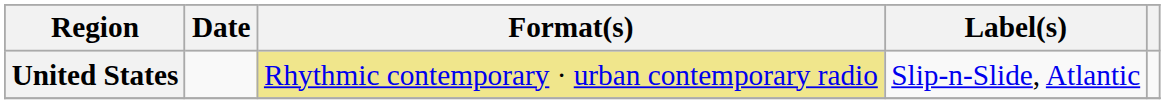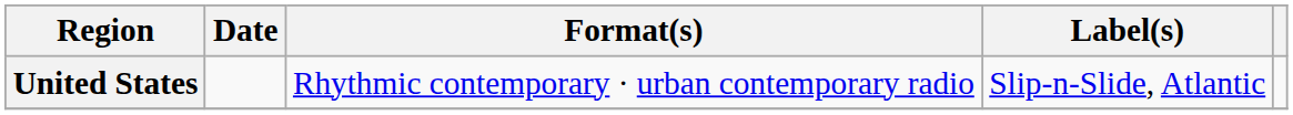 <table class="wikitable plainrowheaders" style="text-align:left">
 <tr>
 <th scope="col">Region</th>
 <th scope="col">Date</th>
 <th scope="col">Format(s)</th>
 <th scope="col">Label(s)</th>
 <th scope="col"></th>
 </tr>
 <tr>
 <th scope="row">United States</th>
 <td></td>
-<td style="background: khaki;"><a href='#'>Rhythmic contemporary</a> · <a href='#'>urban contemporary radio</a></td>
+<td><a href='#'>Rhythmic contemporary</a> · <a href='#'>urban contemporary radio</a></td>
 <td><a href='#'>Slip-n-Slide</a>, <a href='#'>Atlantic</a></td>
 <td></td>
 </tr>
 <tr>
 </tr>
 </table>
